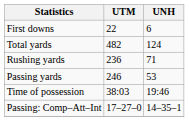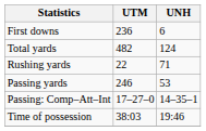 <table class="wikitable" style="float: left;">
 <tr>
 <th>Statistics</th>
 <th>UTM</th>
 <th>UNH</th>
 </tr>
 <tr>
 <td>First downs</td>
-<td>22</td>
+<td>236</td>
 <td>6</td>
 </tr>
 <tr>
 <td>Total yards</td>
 <td>482</td>
 <td>124</td>
 </tr>
 <tr>
 <td>Rushing yards</td>
-<td>236</td>
+<td>22</td>
 <td>71</td>
 </tr>
 <tr>
 <td>Passing yards</td>
 <td>246</td>
 <td>53</td>
 </tr>
 <tr>
+<td>Passing: Comp–Att–Int</td>
+<td>17–27–0</td>
+<td>14–35–1</td>
+</tr>
+<tr>
 <td>Time of possession</td>
 <td>38:03</td>
 <td>19:46</td>
 </tr>
 <tr>
-<td>Passing: Comp–Att–Int</td>
-<td>17–27–0</td>
-<td>14–35–1</td>
-</tr>
-<tr>
 </tr>
 </table>
